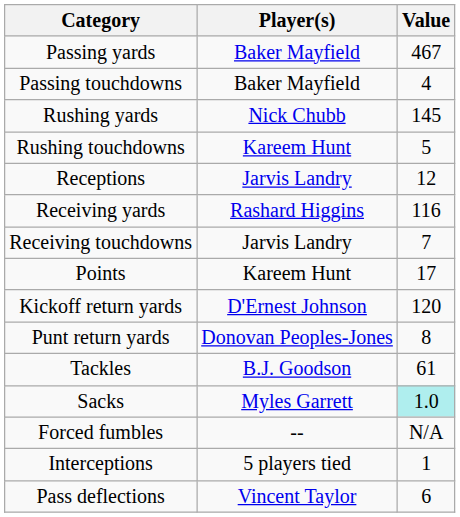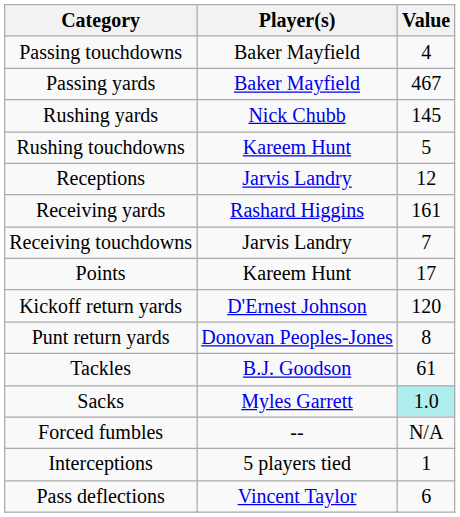 <table class="wikitable" style="text-align:center">
 <tr>
 <th>Category</th>
 <th>Player(s)</th>
 <th>Value</th>
 </tr>
 <tr>
+<td>Passing touchdowns</td>
+<td>Baker Mayfield</td>
+<td>4</td>
+</tr>
+<tr>
 <td>Passing yards</td>
 <td><a href='#'>Baker Mayfield</a></td>
 <td>467</td>
-</tr>
-<tr>
-<td>Passing touchdowns</td>
-<td>Baker Mayfield</td>
-<td>4</td>
 </tr>
 <tr>
 <td>Rushing yards</td>
 <td><a href='#'>Nick Chubb</a></td>
 <td>145</td>
 </tr>
 <tr>
 <td>Rushing touchdowns</td>
 <td><a href='#'>Kareem Hunt</a></td>
 <td>5</td>
 </tr>
 <tr>
 <td>Receptions</td>
 <td><a href='#'>Jarvis Landry</a></td>
 <td>12</td>
 </tr>
 <tr>
 <td>Receiving yards</td>
 <td><a href='#'>Rashard Higgins</a></td>
-<td>116</td>
+<td>161</td>
 </tr>
 <tr>
 <td>Receiving touchdowns</td>
 <td>Jarvis Landry</td>
 <td>7</td>
 </tr>
 <tr>
 <td>Points</td>
 <td>Kareem Hunt</td>
 <td>17</td>
 </tr>
 <tr>
 <td>Kickoff return yards</td>
 <td><a href='#'>D'Ernest Johnson</a></td>
 <td>120</td>
 </tr>
 <tr>
 <td>Punt return yards</td>
 <td><a href='#'>Donovan Peoples-Jones</a></td>
 <td>8</td>
 </tr>
 <tr>
 <td>Tackles</td>
 <td><a href='#'>B.J. Goodson</a></td>
 <td>61</td>
 </tr>
 <tr>
 <td>Sacks</td>
 <td><a href='#'>Myles Garrett</a></td>
 <td style="background: paleturquoise;">1.0</td>
 </tr>
 <tr>
 <td>Forced fumbles</td>
 <td>--</td>
 <td>N/A</td>
 </tr>
 <tr>
 <td>Interceptions</td>
 <td>5 players tied</td>
 <td>1</td>
 </tr>
 <tr>
 <td>Pass deflections</td>
 <td><a href='#'>Vincent Taylor</a></td>
 <td>6</td>
 </tr>
 </table>
